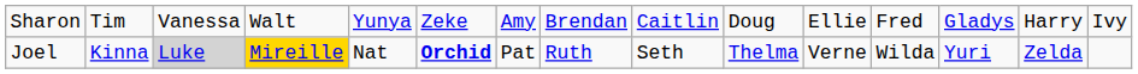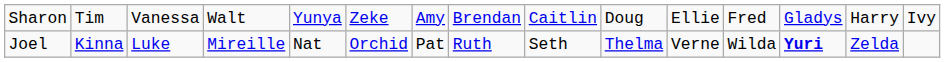 <table class="wikitable">
 <tr>
 <td>Sharon</td>
 <td>Tim</td>
 <td>Vanessa</td>
 <td>Walt</td>
 <td><a href='#'>Yunya</a></td>
 <td><a href='#'>Zeke</a></td>
 <td><a href='#'>Amy</a></td>
 <td><a href='#'>Brendan</a></td>
 <td><a href='#'>Caitlin</a></td>
 <td>Doug</td>
 <td>Ellie</td>
 <td>Fred</td>
 <td><a href='#'>Gladys</a></td>
 <td>Harry</td>
 <td>Ivy</td>
 </tr>
 <tr>
 <td>Joel</td>
 <td><a href='#'>Kinna</a></td>
-<td style="background: lightgrey;"><a href='#'>Luke</a></td>
-<td style="background: gold;"><a href='#'>Mireille</a></td>
+<td><a href='#'>Luke</a></td>
+<td><a href='#'>Mireille</a></td>
 <td>Nat</td>
-<td><strong><a href='#'>Orchid</a></strong></td>
+<td><a href='#'>Orchid</a></td>
 <td>Pat</td>
 <td><a href='#'>Ruth</a></td>
 <td>Seth</td>
 <td><a href='#'>Thelma</a></td>
 <td>Verne</td>
 <td>Wilda</td>
-<td><a href='#'>Yuri</a></td>
+<td><strong><a href='#'>Yuri</a></strong></td>
 <td><a href='#'>Zelda</a></td>
 </tr>
 </table>
